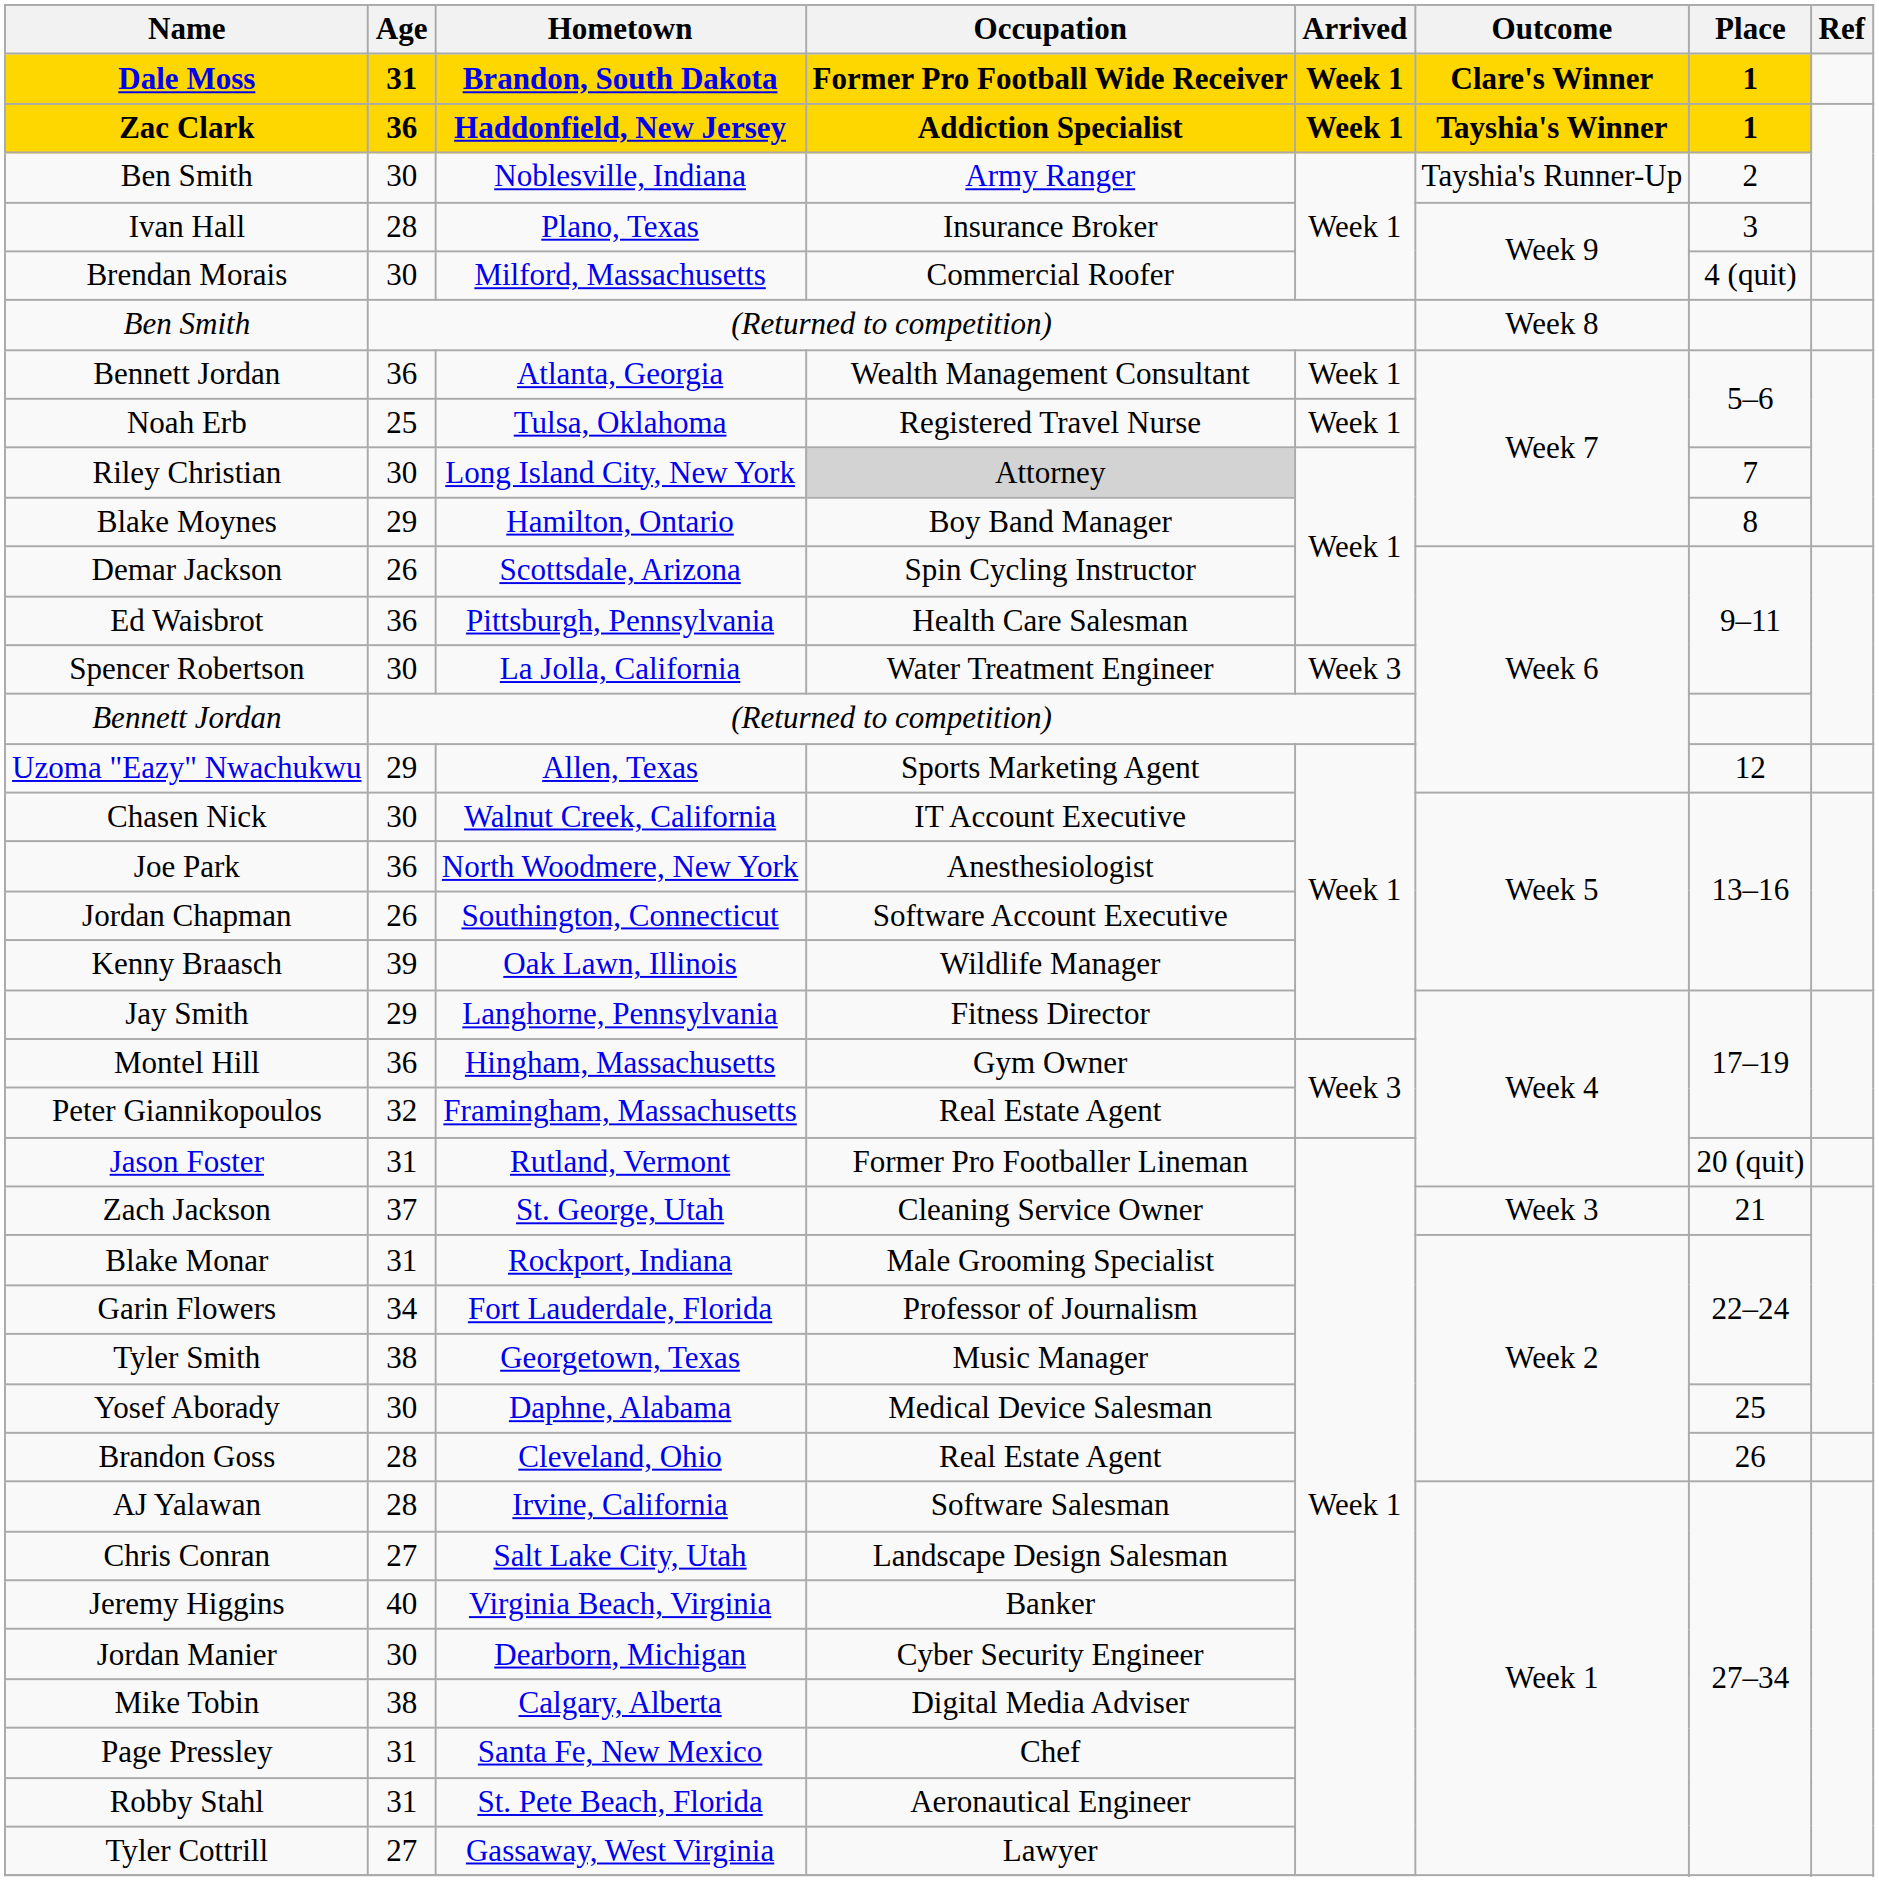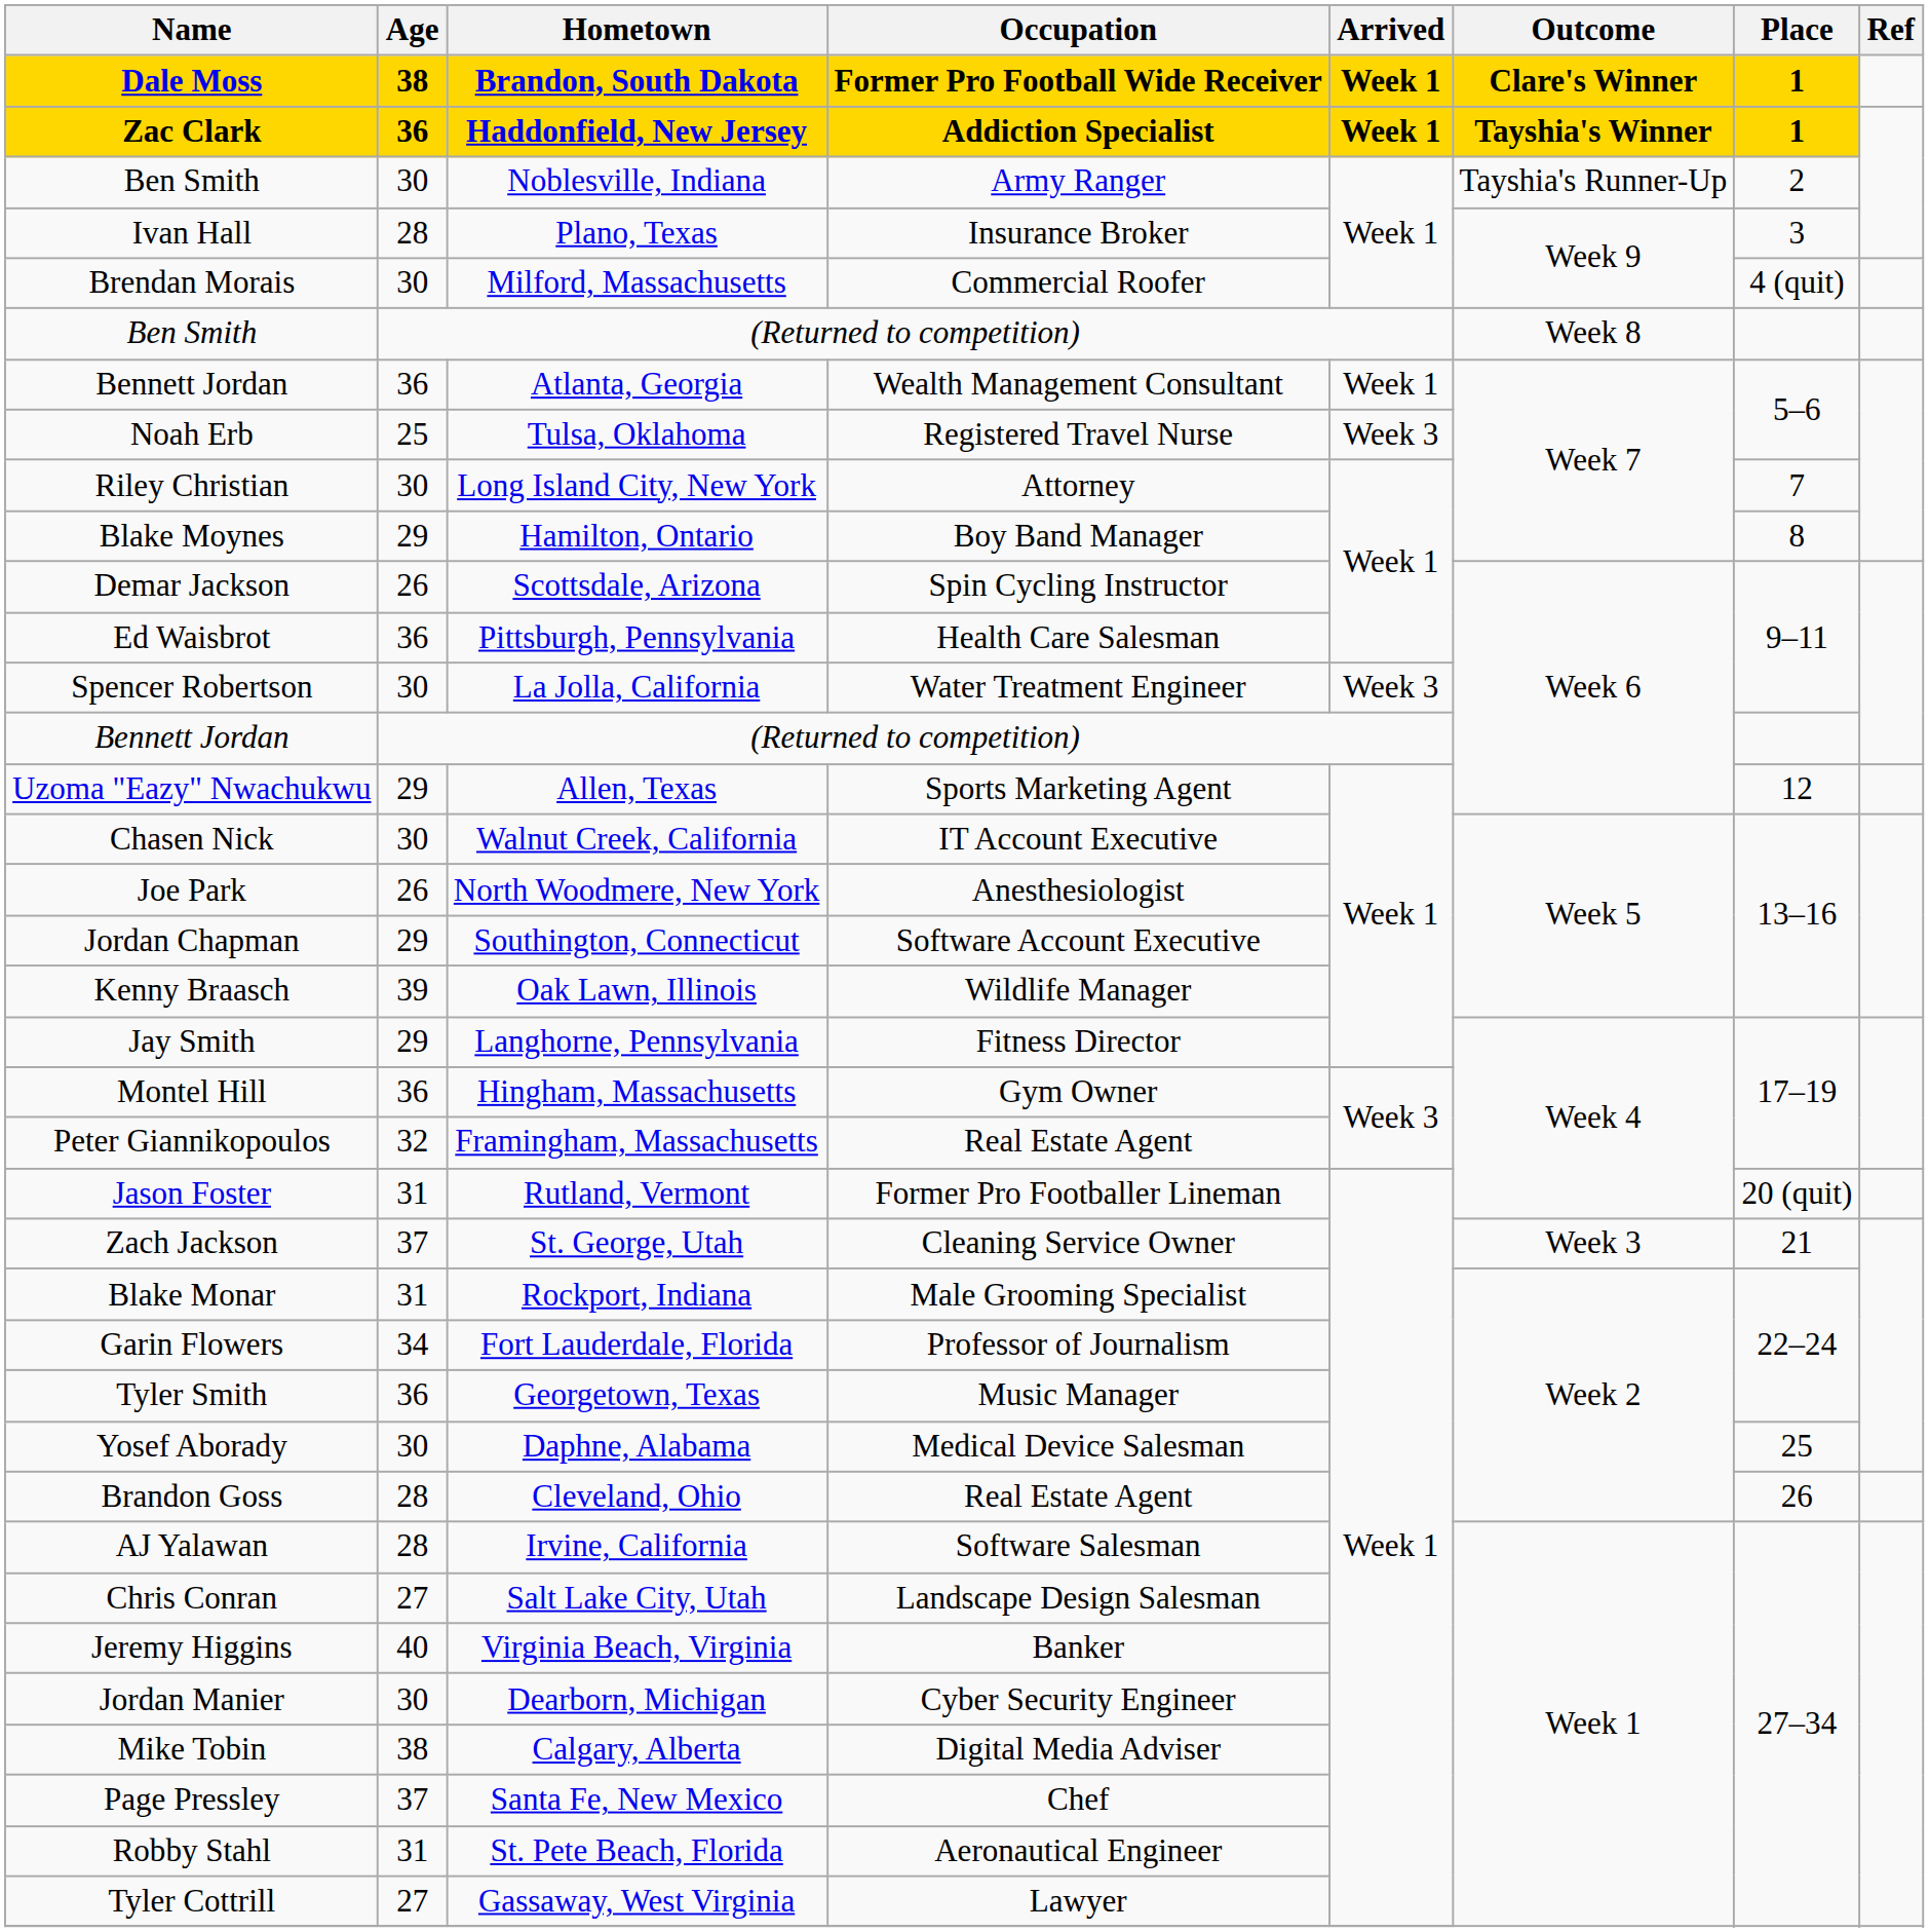 <table class="wikitable sortable" style="text-align:center;">
 <tr>
 <th>Name</th>
 <th>Age</th>
 <th>Hometown</th>
 <th>Occupation</th>
 <th>Arrived</th>
 <th>Outcome</th>
 <th>Place</th>
 <th>Ref</th>
 </tr>
 <tr>
 <td bgcolor="gold"><strong><a href='#'>Dale Moss</a></strong></td>
-<td bgcolor="gold"><strong>31</strong></td>
+<td bgcolor="gold"><strong>38</strong></td>
 <td bgcolor="gold"><strong><a href='#'>Brandon, South Dakota</a></strong></td>
 <td bgcolor="gold"><strong>Former Pro Football Wide Receiver</strong></td>
 <td bgcolor="gold"><strong>Week 1</strong></td>
 <td bgcolor="gold"><strong>Clare's Winner</strong></td>
 <td bgcolor="gold"><strong>1</strong></td>
 <td></td>
 </tr>
 <tr>
 <td bgcolor="gold"><strong>Zac Clark</strong></td>
 <td bgcolor="gold"><strong>36</strong></td>
 <td bgcolor="gold"><strong><a href='#'>Haddonfield, New Jersey</a></strong></td>
 <td bgcolor="gold"><strong>Addiction Specialist</strong></td>
 <td bgcolor="gold"><strong>Week 1</strong></td>
 <td bgcolor="gold"><strong>Tayshia's Winner</strong></td>
 <td bgcolor="gold"><strong>1</strong></td>
 <td rowspan="3"></td>
 </tr>
 <tr>
 <td>Ben Smith</td>
 <td>30</td>
 <td><a href='#'>Noblesville, Indiana</a></td>
 <td><a href='#'>Army Ranger</a></td>
 <td rowspan="3">Week 1</td>
 <td>Tayshia's Runner-Up</td>
 <td>2</td>
 </tr>
 <tr>
 <td>Ivan Hall</td>
 <td>28</td>
 <td><a href='#'>Plano, Texas</a></td>
 <td>Insurance Broker</td>
 <td rowspan="2">Week 9</td>
 <td>3</td>
 </tr>
 <tr>
 <td>Brendan Morais</td>
 <td>30</td>
 <td><a href='#'>Milford, Massachusetts</a></td>
 <td>Commercial Roofer</td>
 <td>4 (quit)</td>
 <td></td>
 </tr>
 <tr>
 <td><em>Ben Smith</em></td>
 <td colspan="4"><em>(Returned to competition)</em></td>
 <td>Week 8</td>
 <td></td>
 <td></td>
 </tr>
 <tr>
 <td>Bennett Jordan</td>
 <td>36</td>
 <td><a href='#'>Atlanta, Georgia</a></td>
 <td>Wealth Management Consultant</td>
 <td>Week 1</td>
 <td rowspan="4">Week 7</td>
 <td rowspan="2">5–6</td>
 <td rowspan="4"></td>
 </tr>
 <tr>
 <td>Noah Erb</td>
 <td>25</td>
 <td><a href='#'>Tulsa, Oklahoma</a></td>
 <td>Registered Travel Nurse</td>
-<td>Week 1</td>
+<td>Week 3</td>
 </tr>
 <tr>
 <td>Riley Christian</td>
 <td>30</td>
 <td><a href='#'>Long Island City, New York</a></td>
-<td style="background: lightgrey;">Attorney</td>
+<td>Attorney</td>
 <td rowspan="4">Week 1</td>
 <td>7</td>
 </tr>
 <tr>
 <td>Blake Moynes</td>
 <td>29</td>
 <td><a href='#'>Hamilton, Ontario</a></td>
 <td>Boy Band Manager</td>
 <td>8</td>
 </tr>
 <tr>
 <td>Demar Jackson</td>
 <td>26</td>
 <td><a href='#'>Scottsdale, Arizona</a></td>
 <td>Spin Cycling Instructor</td>
 <td rowspan="5">Week 6</td>
 <td rowspan="3">9–11</td>
 <td rowspan="4"></td>
 </tr>
 <tr>
 <td>Ed Waisbrot</td>
 <td>36</td>
 <td><a href='#'>Pittsburgh, Pennsylvania</a></td>
 <td>Health Care Salesman</td>
 </tr>
 <tr>
 <td>Spencer Robertson</td>
 <td>30</td>
 <td><a href='#'>La Jolla, California</a></td>
 <td>Water Treatment Engineer</td>
 <td>Week 3</td>
 </tr>
 <tr>
 <td><em>Bennett Jordan</em></td>
 <td colspan="4"><em>(Returned to competition)</em></td>
 <td></td>
 </tr>
 <tr>
 <td><a href='#'>Uzoma "Eazy" Nwachukwu</a></td>
 <td>29</td>
 <td><a href='#'>Allen, Texas</a></td>
 <td>Sports Marketing Agent</td>
 <td rowspan="6">Week 1</td>
 <td>12</td>
 <td></td>
 </tr>
 <tr>
 <td>Chasen Nick</td>
 <td>30</td>
 <td><a href='#'>Walnut Creek, California</a></td>
 <td>IT Account Executive</td>
 <td rowspan="4">Week 5</td>
 <td rowspan="4">13–16</td>
 <td rowspan="4"></td>
 </tr>
 <tr>
 <td>Joe Park</td>
-<td>36</td>
+<td>26</td>
 <td><a href='#'>North Woodmere, New York</a></td>
 <td>Anesthesiologist</td>
 </tr>
 <tr>
 <td>Jordan Chapman</td>
-<td>26</td>
+<td>29</td>
 <td><a href='#'>Southington, Connecticut</a></td>
 <td>Software Account Executive</td>
 </tr>
 <tr>
 <td>Kenny Braasch</td>
 <td>39</td>
 <td><a href='#'>Oak Lawn, Illinois</a></td>
 <td>Wildlife Manager</td>
 </tr>
 <tr>
 <td>Jay Smith</td>
 <td>29</td>
 <td><a href='#'>Langhorne, Pennsylvania</a></td>
 <td>Fitness Director</td>
 <td rowspan="4">Week 4</td>
 <td rowspan="3">17–19</td>
 <td rowspan="3"></td>
 </tr>
 <tr>
 <td>Montel Hill</td>
 <td>36</td>
 <td><a href='#'>Hingham, Massachusetts</a></td>
 <td>Gym Owner</td>
 <td rowspan="2">Week 3</td>
 </tr>
 <tr>
 <td>Peter Giannikopoulos</td>
 <td>32</td>
 <td><a href='#'>Framingham, Massachusetts</a></td>
 <td>Real Estate Agent</td>
 </tr>
 <tr>
 <td><a href='#'>Jason Foster</a></td>
 <td>31</td>
 <td><a href='#'>Rutland, Vermont</a></td>
 <td>Former Pro Footballer Lineman</td>
 <td rowspan="15">Week 1</td>
 <td>20 (quit)</td>
 <td></td>
 </tr>
 <tr>
 <td>Zach Jackson</td>
 <td>37</td>
 <td><a href='#'>St. George, Utah</a></td>
 <td>Cleaning Service Owner</td>
 <td>Week 3</td>
 <td>21</td>
 <td rowspan="5"></td>
 </tr>
 <tr>
 <td>Blake Monar</td>
 <td>31</td>
 <td><a href='#'>Rockport, Indiana</a></td>
 <td>Male Grooming Specialist</td>
 <td rowspan="5">Week 2</td>
 <td rowspan="3">22–24</td>
 </tr>
 <tr>
 <td>Garin Flowers</td>
 <td>34</td>
 <td><a href='#'>Fort Lauderdale, Florida</a></td>
 <td>Professor of Journalism</td>
 </tr>
 <tr>
 <td>Tyler Smith</td>
-<td>38</td>
+<td>36</td>
 <td><a href='#'>Georgetown, Texas</a></td>
 <td>Music Manager</td>
 </tr>
 <tr>
 <td>Yosef Aborady</td>
 <td>30</td>
 <td><a href='#'>Daphne, Alabama</a></td>
 <td>Medical Device Salesman</td>
 <td>25</td>
 </tr>
 <tr>
 <td>Brandon Goss</td>
 <td>28</td>
 <td><a href='#'>Cleveland, Ohio</a></td>
 <td>Real Estate Agent</td>
 <td>26</td>
 <td></td>
 </tr>
 <tr>
 <td>AJ Yalawan</td>
 <td>28</td>
 <td><a href='#'>Irvine, California</a></td>
 <td>Software Salesman</td>
 <td rowspan="9">Week 1</td>
 <td rowspan =9>27–34</td>
 <td rowspan="9"></td>
 </tr>
 <tr>
 <td>Chris Conran</td>
 <td>27</td>
 <td><a href='#'>Salt Lake City, Utah</a></td>
 <td>Landscape Design Salesman</td>
 </tr>
 <tr>
 <td>Jeremy Higgins</td>
 <td>40</td>
 <td><a href='#'>Virginia Beach, Virginia</a></td>
 <td>Banker</td>
 </tr>
 <tr>
 <td>Jordan Manier</td>
 <td>30</td>
 <td><a href='#'>Dearborn, Michigan</a></td>
 <td>Cyber Security Engineer</td>
 </tr>
 <tr>
 <td>Mike Tobin</td>
 <td>38</td>
 <td><a href='#'>Calgary, Alberta</a></td>
 <td>Digital Media Adviser</td>
 </tr>
 <tr>
 <td>Page Pressley</td>
-<td>31</td>
+<td>37</td>
 <td><a href='#'>Santa Fe, New Mexico</a></td>
 <td>Chef</td>
 </tr>
 <tr>
 <td>Robby Stahl</td>
 <td>31</td>
 <td><a href='#'>St. Pete Beach, Florida</a></td>
 <td>Aeronautical Engineer</td>
 </tr>
 <tr>
 <td>Tyler Cottrill</td>
 <td>27</td>
 <td><a href='#'>Gassaway, West Virginia</a></td>
 <td>Lawyer</td>
 </tr>
 <tr>
 </tr>
 </table>
